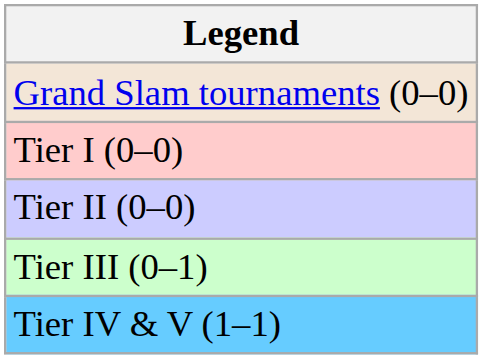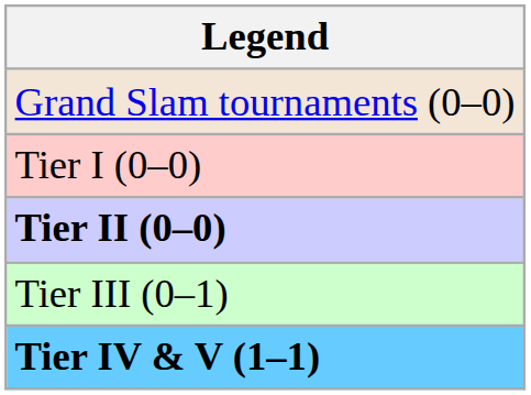 <table class="wikitable sortable mw-collapsible mw-collapsed">
 <tr>
 <th>Legend</th>
 </tr>
 <tr>
 <td align=center colspan=2 style="background:#f3e6d7;"><a href='#'>Grand Slam tournaments</a> (0–0)</td>
 </tr>
 <tr>
 <td style="background:#fcc;">Tier I (0–0)</td>
 </tr>
 <tr>
-<td style="background:#ccf;">Tier II (0–0)</td>
+<td style="background:#ccf;"><strong>Tier II (0–0)</strong></td>
 </tr>
 <tr>
 <td style="background:#cfc;">Tier III (0–1)</td>
 </tr>
 <tr>
-<td style="background:#6cf;">Tier IV & V (1–1)</td>
+<td style="background:#6cf;"><strong>Tier IV & V (1–1)</strong></td>
 </tr>
 </table>
